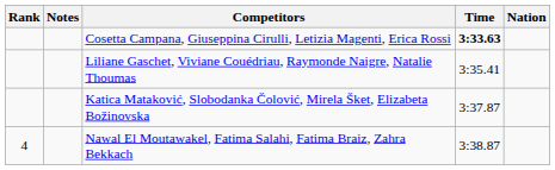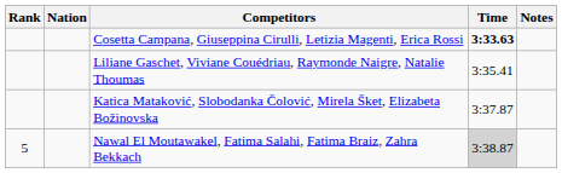 <table class="wikitable sortable" style="text-align:center; font-size:95%">
 <tr>
 <th>Rank</th>
-<th>Notes</th>
+<th>Nation</th>
 <th>Competitors</th>
 <th>Time</th>
-<th>Nation</th>
+<th>Notes</th>
 </tr>
 <tr>
 <td></td>
-<td></td>
+<td align=left></td>
 <td align=left><a href='#'>Cosetta Campana</a>, <a href='#'>Giuseppina Cirulli</a>, <a href='#'>Letizia Magenti</a>, <a href='#'>Erica Rossi</a></td>
 <td><strong>3:33.63</strong></td>
-<td align=left></td>
+<td></td>
 </tr>
 <tr>
 <td></td>
-<td></td>
+<td align=left></td>
 <td align=left><a href='#'>Liliane Gaschet</a>, <a href='#'>Viviane Couédriau</a>, <a href='#'>Raymonde Naigre</a>, <a href='#'>Natalie Thoumas</a></td>
 <td>3:35.41</td>
-<td align=left></td>
+<td></td>
 </tr>
 <tr>
 <td></td>
-<td></td>
+<td align=left></td>
 <td align=left><a href='#'>Katica Mataković</a>, <a href='#'>Slobodanka Čolović</a>, <a href='#'>Mirela Šket</a>, <a href='#'>Elizabeta Božinovska</a></td>
 <td>3:37.87</td>
-<td align=left></td>
+<td></td>
 </tr>
 <tr>
-<td>4</td>
+<td>5</td>
+<td align=left></td>
+<td align=left><a href='#'>Nawal El Moutawakel</a>, <a href='#'>Fatima Salahi</a>, <a href='#'>Fatima Braiz</a>, <a href='#'>Zahra Bekkach</a></td>
+<td style="background: lightgrey;">3:38.87</td>
 <td></td>
-<td align=left><a href='#'>Nawal El Moutawakel</a>, <a href='#'>Fatima Salahi</a>, <a href='#'>Fatima Braiz</a>, <a href='#'>Zahra Bekkach</a></td>
-<td>3:38.87</td>
-<td align=left></td>
 </tr>
 </table>
